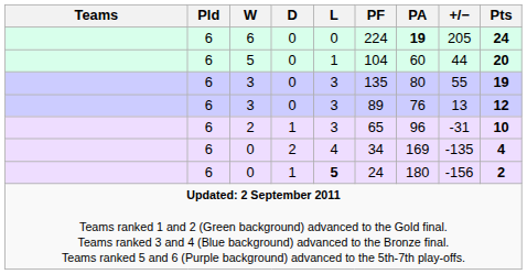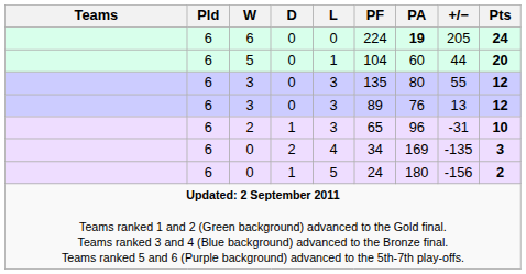 <table class="wikitable" style="text-align: center;">
 <tr>
 <th width="200">Teams</th>
 <th width="40">Pld</th>
 <th width="40">W</th>
 <th width="40">D</th>
 <th width="40">L</th>
 <th width="40">PF</th>
 <th width="40">PA</th>
 <th width="40">+/−</th>
 <th width="40">Pts</th>
 </tr>
 <tr bgcolor=#d8ffeb>
 <td align=left></td>
 <td>6</td>
 <td>6</td>
 <td>0</td>
 <td>0</td>
 <td>224</td>
 <td><strong>19</strong></td>
 <td>205</td>
 <td><strong>24</strong></td>
 </tr>
 <tr bgcolor=#d8ffeb>
 <td align=left></td>
 <td>6</td>
 <td>5</td>
 <td>0</td>
 <td>1</td>
 <td>104</td>
 <td>60</td>
 <td>44</td>
 <td><strong>20</strong></td>
 </tr>
 <tr bgcolor=#ccccff>
 <td align=left></td>
 <td>6</td>
 <td>3</td>
 <td>0</td>
 <td>3</td>
 <td>135</td>
 <td>80</td>
 <td>55</td>
-<td><strong>19</strong></td>
+<td><strong>12</strong></td>
 </tr>
 <tr bgcolor=#ccccff>
 <td align=left></td>
 <td>6</td>
 <td>3</td>
 <td>0</td>
 <td>3</td>
 <td>89</td>
 <td>76</td>
 <td>13</td>
 <td><strong>12</strong></td>
 </tr>
 <tr bgcolor=#eeddff>
 <td align=left></td>
 <td>6</td>
 <td>2</td>
 <td>1</td>
 <td>3</td>
 <td>65</td>
 <td>96</td>
 <td>-31</td>
 <td><strong>10</strong></td>
 </tr>
 <tr bgcolor=#eeddff>
 <td align=left></td>
 <td>6</td>
 <td>0</td>
 <td>2</td>
 <td>4</td>
 <td>34</td>
 <td>169</td>
 <td>-135</td>
-<td><strong>4</strong></td>
+<td><strong>3</strong></td>
 </tr>
 <tr bgcolor=#eeddff>
 <td align=left></td>
 <td>6</td>
 <td>0</td>
 <td>1</td>
-<td><strong>5</strong></td>
+<td>5</td>
 <td>24</td>
 <td>180</td>
 <td>-156</td>
 <td><strong>2</strong></td>
 </tr>
 <tr bgcolor="#f9f9f9" align=center>
 <td colspan="15" style="border:0px"><small><strong>Updated: 2 September 2011</strong></small><br><br> <small>Teams ranked 1 and 2 <span>(Green background)</span> advanced to the Gold final.</small><br>  <small>Teams ranked 3 and 4 <span>(Blue background)</span> advanced to the Bronze final.</small><br>  <small>Teams ranked 5 and 6 <span>(Purple background)</span> advanced to the 5th-7th play-offs.</small></td>
 </tr>
 </table>
